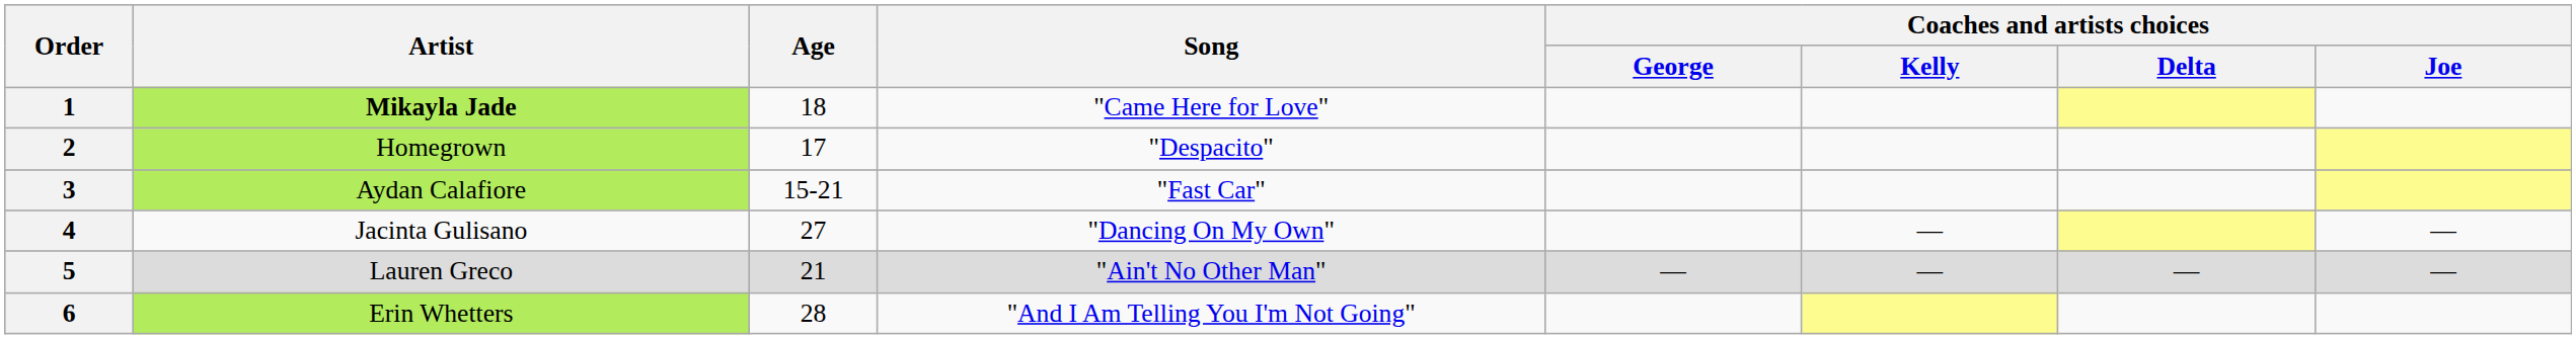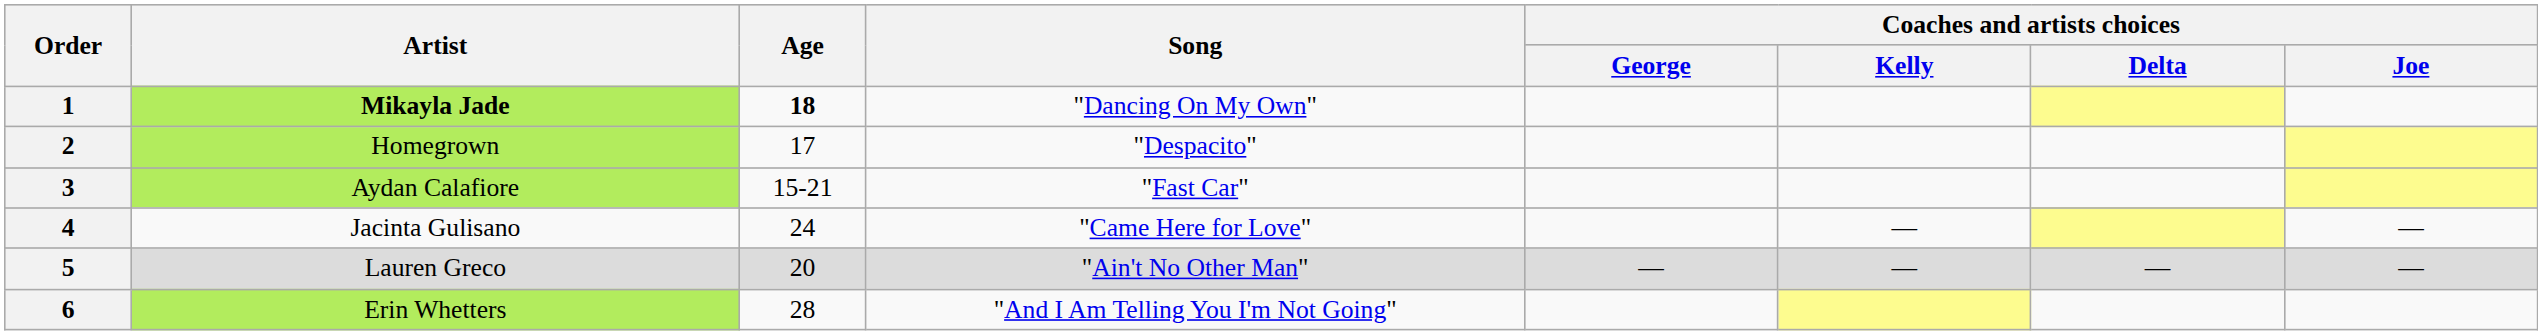 <table class="wikitable" style="text-align:center; width:100%;">
 <tr>
 <th scope="col" rowspan="2" style="width:05%;">Order</th>
 <th scope="col" rowspan="2" style="width:24%;">Artist</th>
 <th scope="col" rowspan="2" style="width:05%;">Age</th>
 <th scope="col" rowspan="2" style="width:26%;">Song</th>
 <th colspan="4" style="width:40%;">Coaches and artists choices</th>
 </tr>
 <tr>
 <th style="width:10%;"><a href='#'>George</a></th>
 <th style="width:10%;"><a href='#'>Kelly</a></th>
 <th style="width:10%;"><a href='#'>Delta</a></th>
 <th style=“width:10%;”><a href='#'> Joe</a></th>
 </tr>
 <tr>
 <th>1</th>
 <td style="background-color:#B2EC5D;"><strong>Mikayla Jade</strong></td>
-<td>18</td>
-<td>"<a href='#'>Came Here for Love</a>"</td>
+<td><strong>18</strong></td>
+<td>"<a href='#'>Dancing On My Own</a>"</td>
 <td> <strong></strong> </td>
 <td> <strong></strong> </td>
 <td style="background-color:#FDFC8F;"> <strong></strong> </td>
 <td> <strong></strong></td>
 </tr>
 <tr>
 <th>2</th>
 <td style="background-color:#B2EC5D;">Homegrown</td>
 <td>17</td>
 <td>"<a href='#'>Despacito</a>"</td>
 <td> <strong></strong> </td>
 <td> <strong></strong> </td>
 <td> <strong></strong> </td>
 <td style="background-color:#FDFC8F;"> <strong></strong> </td>
 </tr>
 <tr>
 <th>3</th>
 <td style="background-color:#B2EC5D;">Aydan Calafiore</td>
 <td>15-21</td>
 <td>"<a href='#'>Fast Car</a>"</td>
 <td> <strong></strong> </td>
 <td> <strong></strong> </td>
 <td> <strong></strong> </td>
 <td style="background-color:#FDFC8F;"> <strong></strong> </td>
 </tr>
 <tr>
 <th>4</th>
 <td>Jacinta Gulisano</td>
-<td>27</td>
-<td>"<a href='#'>Dancing On My Own</a>"</td>
+<td>24</td>
+<td>"<a href='#'>Came Here for Love</a>"</td>
 <td> <strong></strong> </td>
 <td>—</td>
 <td style="background-color:#FDFC8F;"> <strong></strong> </td>
 <td>—</td>
 </tr>
 <tr>
 <th>5</th>
 <td style="background-color:#DCDCDC;">Lauren Greco</td>
-<td style="background-color:#DCDCDC;">21</td>
+<td style="background-color:#DCDCDC;">20</td>
 <td style="background-color:#DCDCDC;">"<a href='#'>Ain't No Other Man</a>"</td>
 <td style="background-color:#DCDCDC;">—</td>
 <td style="background-color:#DCDCDC;">—</td>
 <td style="background-color:#DCDCDC;">—</td>
 <td style="background-color:#DCDCDC;">—</td>
 </tr>
 <tr>
 <th>6</th>
 <td style="background-color:#B2EC5D;">Erin Whetters</td>
 <td>28</td>
 <td>"<a href='#'>And I Am Telling You I'm Not Going</a>"</td>
 <td> <strong></strong> </td>
 <td style="background-color:#FDFC8F;"> <strong></strong> </td>
 <td> <strong></strong> </td>
 <td> <strong></strong> </td>
 </tr>
 </table>
